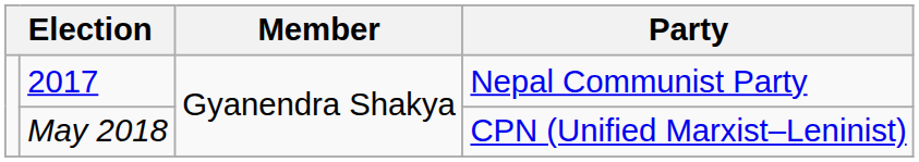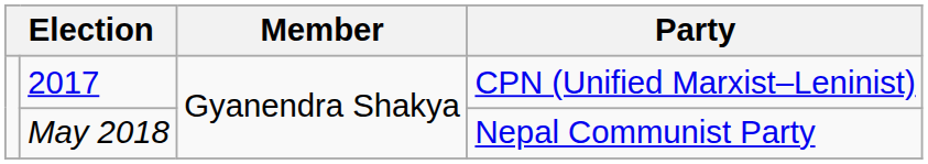 <table class="wikitable">
 <tr>
 <th colspan="2">Election</th>
 <th>Member</th>
 <th>Party</th>
 </tr>
 <tr>
 <td rowspan="2" style="background-color:"></td>
 <td><a href='#'>2017</a></td>
 <td rowspan="2">Gyanendra Shakya</td>
-<td><a href='#'>Nepal Communist Party</a></td>
+<td><a href='#'>CPN (Unified Marxist–Leninist)</a></td>
 </tr>
 <tr>
 <td><em>May 2018</em></td>
-<td><a href='#'>CPN (Unified Marxist–Leninist)</a></td>
+<td><a href='#'>Nepal Communist Party</a></td>
 </tr>
 </table>
